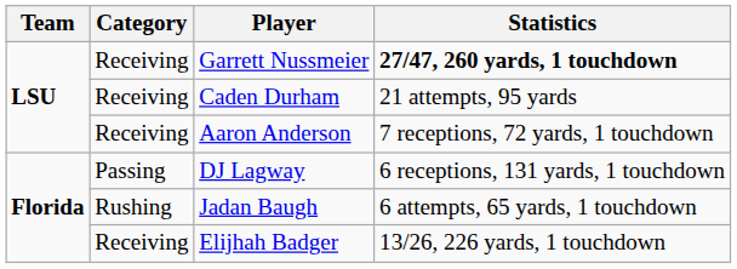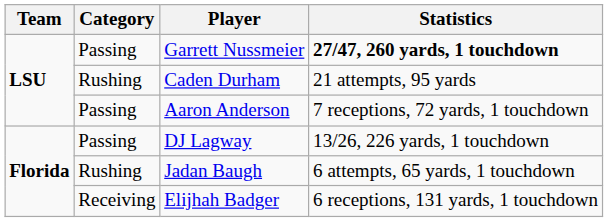 <table class="wikitable" style="float: right;">
 <tr>
 <th>Team</th>
 <th>Category</th>
 <th>Player</th>
 <th>Statistics</th>
 </tr>
 <tr>
 <td rowspan=3><strong>LSU</strong></td>
-<td>Receiving</td>
+<td>Passing</td>
 <td><a href='#'>Garrett Nussmeier</a></td>
 <td><strong>27/47, 260 yards, 1 touchdown</strong></td>
 </tr>
 <tr>
-<td>Receiving</td>
+<td>Rushing</td>
 <td><a href='#'>Caden Durham</a></td>
 <td>21 attempts, 95 yards</td>
 </tr>
 <tr>
-<td>Receiving</td>
+<td>Passing</td>
 <td><a href='#'>Aaron Anderson</a></td>
 <td>7 receptions, 72 yards, 1 touchdown</td>
 </tr>
 <tr>
 <td rowspan=3><strong>Florida</strong></td>
 <td>Passing</td>
 <td><a href='#'>DJ Lagway</a></td>
-<td>6 receptions, 131 yards, 1 touchdown</td>
+<td>13/26, 226 yards, 1 touchdown</td>
 </tr>
 <tr>
 <td>Rushing</td>
 <td><a href='#'>Jadan Baugh</a></td>
 <td>6 attempts, 65 yards, 1 touchdown</td>
 </tr>
 <tr>
 <td>Receiving</td>
 <td><a href='#'>Elijhah Badger</a></td>
-<td>13/26, 226 yards, 1 touchdown</td>
+<td>6 receptions, 131 yards, 1 touchdown</td>
 </tr>
 </table>
